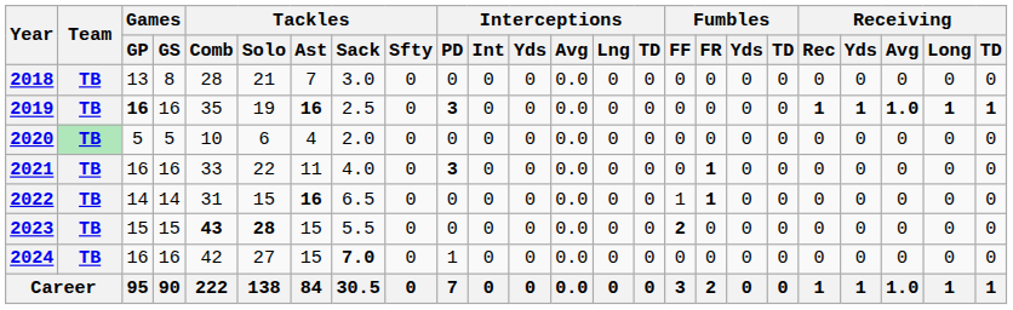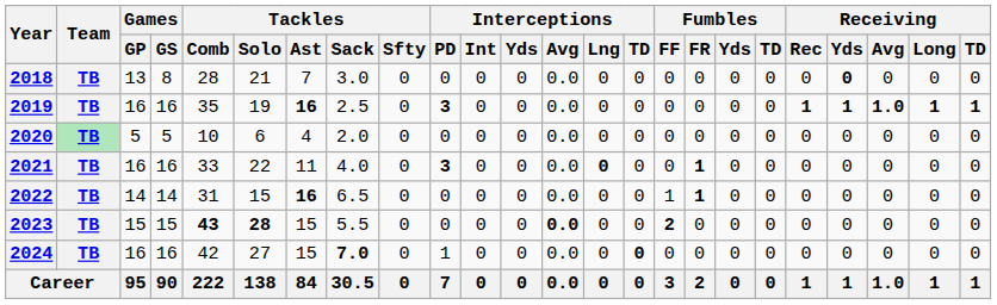 <table class= "wikitable" style="text-align:center;">
 <tr>
 <th rowspan="2">Year</th>
 <th rowspan="2">Team</th>
 <th colspan="2">Games</th>
 <th colspan="5">Tackles</th>
 <th colspan="6">Interceptions</th>
 <th colspan="4">Fumbles</th>
 <th colspan="5">Receiving</th>
 </tr>
 <tr>
 <th>GP</th>
 <th>GS</th>
 <th>Comb</th>
 <th>Solo</th>
 <th>Ast</th>
 <th>Sack</th>
 <th>Sfty</th>
 <th>PD</th>
 <th>Int</th>
 <th>Yds</th>
 <th>Avg</th>
 <th>Lng</th>
 <th>TD</th>
 <th>FF</th>
 <th>FR</th>
 <th>Yds</th>
 <th>TD</th>
 <th>Rec</th>
 <th>Yds</th>
 <th>Avg</th>
 <th>Long</th>
 <th>TD</th>
 </tr>
 <tr>
 <th><a href='#'>2018</a></th>
 <th><a href='#'>TB</a></th>
 <td>13</td>
 <td>8</td>
 <td>28</td>
 <td>21</td>
 <td>7</td>
 <td>3.0</td>
 <td>0</td>
 <td>0</td>
 <td>0</td>
 <td>0</td>
 <td>0.0</td>
 <td>0</td>
 <td>0</td>
 <td>0</td>
 <td>0</td>
 <td>0</td>
 <td>0</td>
 <td>0</td>
-<td>0</td>
+<td><strong>0</strong></td>
 <td>0</td>
 <td>0</td>
 <td>0</td>
 </tr>
 <tr>
 <th><a href='#'>2019</a></th>
 <th><a href='#'>TB</a></th>
-<td><strong>16</strong></td>
+<td>16</td>
 <td>16</td>
 <td>35</td>
 <td>19</td>
 <td><strong>16</strong></td>
 <td>2.5</td>
 <td>0</td>
 <td><strong>3</strong></td>
 <td>0</td>
 <td>0</td>
 <td>0.0</td>
 <td>0</td>
 <td>0</td>
 <td>0</td>
 <td>0</td>
 <td>0</td>
 <td>0</td>
 <td><strong>1</strong></td>
 <td><strong>1</strong></td>
 <td><strong>1.0</strong></td>
 <td><strong>1</strong></td>
 <td><strong>1</strong></td>
 </tr>
 <tr>
 <th><a href='#'>2020</a></th>
 <th style="background:#afe6ba; width:3em;"><a href='#'>TB</a></th>
 <td>5</td>
 <td>5</td>
 <td>10</td>
 <td>6</td>
 <td>4</td>
 <td>2.0</td>
 <td>0</td>
 <td>0</td>
 <td>0</td>
 <td>0</td>
 <td>0.0</td>
 <td>0</td>
 <td>0</td>
 <td>0</td>
 <td>0</td>
 <td>0</td>
 <td>0</td>
 <td>0</td>
 <td>0</td>
 <td>0</td>
 <td>0</td>
 <td>0</td>
 </tr>
 <tr>
 <th><a href='#'>2021</a></th>
 <th><a href='#'>TB</a></th>
 <td>16</td>
 <td>16</td>
 <td>33</td>
 <td>22</td>
 <td>11</td>
 <td>4.0</td>
 <td>0</td>
 <td><strong>3</strong></td>
 <td>0</td>
 <td>0</td>
 <td>0.0</td>
-<td>0</td>
+<td><strong>0</strong></td>
 <td>0</td>
 <td>0</td>
 <td><strong>1</strong></td>
 <td>0</td>
 <td>0</td>
 <td>0</td>
 <td>0</td>
 <td>0</td>
 <td>0</td>
 <td>0</td>
 </tr>
 <tr>
 <th><a href='#'>2022</a></th>
 <th><a href='#'>TB</a></th>
 <td>14</td>
 <td>14</td>
 <td>31</td>
 <td>15</td>
 <td><strong>16</strong></td>
 <td>6.5</td>
 <td>0</td>
 <td>0</td>
 <td>0</td>
 <td>0</td>
 <td>0.0</td>
 <td>0</td>
 <td>0</td>
 <td>1</td>
 <td><strong>1</strong></td>
 <td>0</td>
 <td>0</td>
 <td>0</td>
 <td>0</td>
 <td>0</td>
 <td>0</td>
 <td>0</td>
 </tr>
 <tr>
 <th><a href='#'>2023</a></th>
 <th><a href='#'>TB</a></th>
 <td>15</td>
 <td>15</td>
 <td><strong>43</strong></td>
 <td><strong>28</strong></td>
 <td>15</td>
 <td>5.5</td>
 <td>0</td>
 <td>0</td>
 <td>0</td>
 <td>0</td>
-<td>0.0</td>
+<td><strong>0.0</strong></td>
 <td>0</td>
 <td>0</td>
 <td><strong>2</strong></td>
 <td>0</td>
 <td>0</td>
 <td>0</td>
 <td>0</td>
 <td>0</td>
 <td>0</td>
 <td>0</td>
 <td>0</td>
 </tr>
 <tr>
 <th><a href='#'>2024</a></th>
 <th><a href='#'>TB</a></th>
 <td>16</td>
 <td>16</td>
 <td>42</td>
 <td>27</td>
 <td>15</td>
 <td><strong>7.0</strong></td>
 <td>0</td>
 <td>1</td>
 <td>0</td>
 <td>0</td>
 <td>0.0</td>
 <td>0</td>
-<td>0</td>
+<td><strong>0</strong></td>
 <td>0</td>
 <td>0</td>
 <td>0</td>
 <td>0</td>
 <td>0</td>
 <td>0</td>
 <td>0</td>
 <td>0</td>
 <td>0</td>
 </tr>
 <tr>
 <th align=center colspan="2">Career</th>
 <th>95</th>
 <th>90</th>
 <th>222</th>
 <th>138</th>
 <th>84</th>
 <th>30.5</th>
 <th>0</th>
 <th>7</th>
 <th>0</th>
 <th>0</th>
 <th>0.0</th>
 <th>0</th>
 <th>0</th>
 <th>3</th>
 <th>2</th>
 <th>0</th>
 <th>0</th>
 <th>1</th>
 <th>1</th>
 <th>1.0</th>
 <th>1</th>
 <th>1</th>
 </tr>
 </table>
